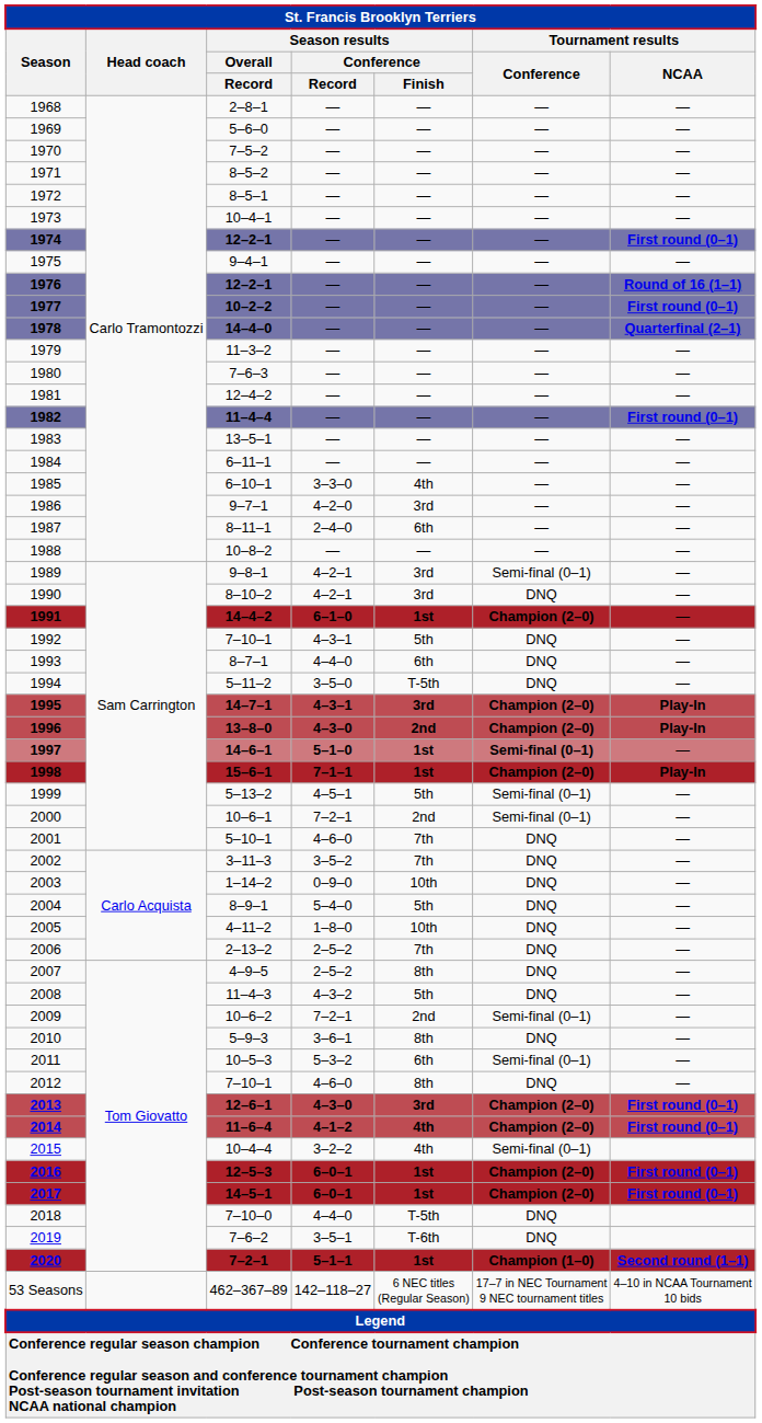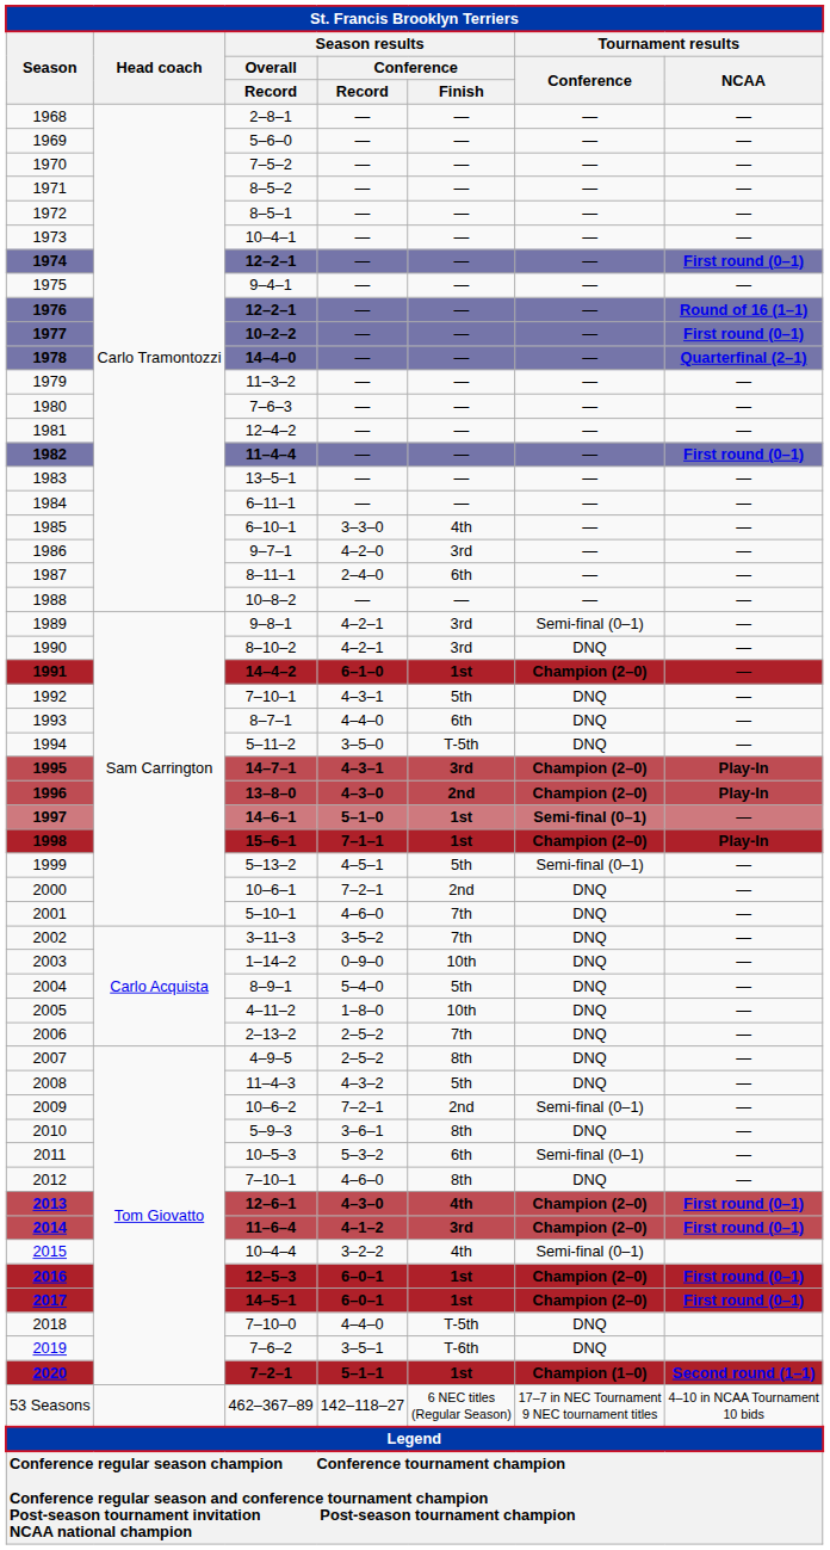 <table class="wikitable" style="font-size: 90%; text-align:center;">
 <tr>
 <td colspan=10 style="background:#0038A8; border: 2px solid #CE1126;;color:#FFFFFF;"><strong>St. Francis Brooklyn Terriers</strong></td>
 </tr>
 <tr>
 <th rowspan=3>Season</th>
 <th rowspan=3>Head coach</th>
 <th colspan=3>Season results</th>
 <th colspan=2>Tournament results</th>
 </tr>
 <tr>
 <th colspan=1>Overall</th>
 <th colspan=2>Conference</th>
 <th rowspan=2>Conference</th>
 <th rowspan=2>NCAA</th>
 </tr>
 <tr>
 <th>Record</th>
 <th>Record</th>
 <th>Finish</th>
 </tr>
 <tr>
 <td>1968</td>
 <td rowspan=21>Carlo Tramontozzi</td>
 <td>2–8–1</td>
 <td>—</td>
 <td>—</td>
 <td>—</td>
 <td>—</td>
 </tr>
 <tr>
 <td>1969</td>
 <td>5–6–0</td>
 <td>—</td>
 <td>—</td>
 <td>—</td>
 <td>—</td>
 </tr>
 <tr>
 <td>1970</td>
 <td>7–5–2</td>
 <td>—</td>
 <td>—</td>
 <td>—</td>
 <td>—</td>
 </tr>
 <tr>
 <td>1971</td>
 <td>8–5–2</td>
 <td>—</td>
 <td>—</td>
 <td>—</td>
 <td>—</td>
 </tr>
 <tr>
 <td>1972</td>
 <td>8–5–1</td>
 <td>—</td>
 <td>—</td>
 <td>—</td>
 <td>—</td>
 </tr>
 <tr>
 <td>1973</td>
 <td>10–4–1</td>
 <td>—</td>
 <td>—</td>
 <td>—</td>
 <td>—</td>
 </tr>
 <tr>
 <td bgcolor="#7575a9"><span><strong>1974</strong></span></td>
 <td bgcolor="#7575a9"><span><strong>12–2–1</strong></span></td>
 <td bgcolor="#7575a9"><span>—</span></td>
 <td bgcolor="#7575a9"><span>—</span></td>
 <td bgcolor="#7575a9"><span>—</span></td>
 <td bgcolor="#7575a9"><strong><a href='#'><span>First round (0–1)</span></a></strong></td>
 </tr>
 <tr>
 <td>1975</td>
 <td>9–4–1</td>
 <td>—</td>
 <td>—</td>
 <td>—</td>
 <td>—</td>
 </tr>
 <tr>
 <td bgcolor="#7575a9"><span><strong>1976</strong></span></td>
 <td bgcolor="#7575a9"><span><strong>12–2–1</strong></span></td>
 <td bgcolor="#7575a9"><span>—</span></td>
 <td bgcolor="#7575a9"><span>—</span></td>
 <td bgcolor="#7575a9"><span>—</span></td>
 <td bgcolor="#7575a9"><strong><a href='#'><span>Round of 16 (1–1)</span></a></strong></td>
 </tr>
 <tr>
 <td bgcolor="#7575a9"><span><strong>1977</strong></span></td>
 <td bgcolor="#7575a9"><span><strong>10–2–2</strong></span></td>
 <td bgcolor="#7575a9"><span>—</span></td>
 <td bgcolor="#7575a9"><span>—</span></td>
 <td bgcolor="#7575a9"><span>—</span></td>
 <td bgcolor="#7575a9"><strong><a href='#'><span>First round (0–1)</span></a></strong></td>
 </tr>
 <tr>
 <td bgcolor="#7575a9"><span><strong>1978</strong></span></td>
 <td bgcolor="#7575a9"><span><strong>14–4–0</strong></span></td>
 <td bgcolor="#7575a9"><span>—</span></td>
 <td bgcolor="#7575a9"><span>—</span></td>
 <td bgcolor="#7575a9"><span>—</span></td>
 <td bgcolor="#7575a9"><strong><a href='#'><span>Quarterfinal (2–1)</span></a></strong></td>
 </tr>
 <tr>
 <td>1979</td>
 <td>11–3–2</td>
 <td>—</td>
 <td>—</td>
 <td>—</td>
 <td>—</td>
 </tr>
 <tr>
 <td>1980</td>
 <td>7–6–3</td>
 <td>—</td>
 <td>—</td>
 <td>—</td>
 <td>—</td>
 </tr>
 <tr>
 <td>1981</td>
 <td>12–4–2</td>
 <td>—</td>
 <td>—</td>
 <td>—</td>
 <td>—</td>
 </tr>
 <tr>
 <td bgcolor="#7575a9"><span><strong>1982</strong></span></td>
 <td bgcolor="#7575a9"><span><strong>11–4–4</strong></span></td>
 <td bgcolor="#7575a9"><span>—</span></td>
 <td bgcolor="#7575a9"><span>—</span></td>
 <td bgcolor="#7575a9"><span>—</span></td>
 <td bgcolor="#7575a9"><strong><a href='#'><span>First round (0–1)</span></a></strong></td>
 </tr>
 <tr>
 <td>1983</td>
 <td>13–5–1</td>
 <td>—</td>
 <td>—</td>
 <td>—</td>
 <td>—</td>
 </tr>
 <tr>
 <td>1984</td>
 <td>6–11–1</td>
 <td>—</td>
 <td>—</td>
 <td>—</td>
 <td>—</td>
 </tr>
 <tr>
 <td>1985</td>
 <td>6–10–1</td>
 <td>3–3–0</td>
 <td>4th</td>
 <td>—</td>
 <td>—</td>
 </tr>
 <tr>
 <td>1986</td>
 <td>9–7–1</td>
 <td>4–2–0</td>
 <td>3rd</td>
 <td>—</td>
 <td>—</td>
 </tr>
 <tr>
 <td>1987</td>
 <td>8–11–1</td>
 <td>2–4–0</td>
 <td>6th</td>
 <td>—</td>
 <td>—</td>
 </tr>
 <tr>
 <td>1988</td>
 <td>10–8–2</td>
 <td>—</td>
 <td>—</td>
 <td>—</td>
 <td>—</td>
 </tr>
 <tr>
 <td>1989</td>
 <td rowspan=13>Sam Carrington</td>
 <td>9–8–1</td>
 <td>4–2–1</td>
 <td>3rd</td>
 <td>Semi-final (0–1)</td>
 <td>—</td>
 </tr>
 <tr>
 <td>1990</td>
 <td>8–10–2</td>
 <td>4–2–1</td>
 <td>3rd</td>
 <td>DNQ</td>
 <td>—</td>
 </tr>
 <tr>
 <td bgcolor="#ae2029"><span><strong>1991</strong></span></td>
 <td bgcolor="#ae2029"><span><strong>14–4–2</strong></span></td>
 <td bgcolor="#ae2029"><span><strong>6–1–0</strong></span></td>
 <td bgcolor="#ae2029"><span><strong>1st</strong></span></td>
 <td bgcolor="#ae2029"><span><strong>Champion (2–0)</strong></span></td>
 <td bgcolor="#ae2029"><span>—</span></td>
 </tr>
 <tr>
 <td>1992</td>
 <td>7–10–1</td>
 <td>4–3–1</td>
 <td>5th</td>
 <td>DNQ</td>
 <td>—</td>
 </tr>
 <tr>
 <td>1993</td>
 <td>8–7–1</td>
 <td>4–4–0</td>
 <td>6th</td>
 <td>DNQ</td>
 <td>—</td>
 </tr>
 <tr>
 <td>1994</td>
 <td>5–11–2</td>
 <td>3–5–0</td>
 <td>T-5th</td>
 <td>DNQ</td>
 <td>—</td>
 </tr>
 <tr>
 <td bgcolor="#be4c53"><span><strong>1995</strong></span></td>
 <td bgcolor="#be4c53"><span><strong>14–7–1</strong></span></td>
 <td bgcolor="#be4c53"><span><strong>4–3–1</strong></span></td>
 <td bgcolor="#be4c53"><span><strong>3rd</strong></span></td>
 <td bgcolor="#be4c53"><span><strong>Champion (2–0)</strong></span></td>
 <td bgcolor="#be4c53"><span><strong>Play-In</strong></span></td>
 </tr>
 <tr>
 <td bgcolor="#be4c53"><span><strong>1996</strong></span></td>
 <td bgcolor="#be4c53"><span><strong>13–8–0</strong></span></td>
 <td bgcolor="#be4c53"><span><strong>4–3–0</strong></span></td>
 <td bgcolor="#be4c53"><span><strong>2nd</strong></span></td>
 <td bgcolor="#be4c53"><span><strong>Champion (2–0)</strong></span></td>
 <td bgcolor="#be4c53"><span><strong>Play-In</strong></span></td>
 </tr>
 <tr>
 <td bgcolor="#ce797e"><strong>1997</strong></td>
 <td bgcolor="#ce797e"><strong>14–6–1</strong></td>
 <td bgcolor="#ce797e"><strong>5–1–0</strong></td>
 <td bgcolor="#ce797e"><strong>1st</strong></td>
 <td bgcolor="#ce797e"><strong>Semi-final (0–1)</strong></td>
 <td bgcolor="#ce797e">—</td>
 </tr>
 <tr>
 <td bgcolor="#ae2029"><span><strong>1998</strong></span></td>
 <td bgcolor="#ae2029"><span><strong>15–6–1</strong></span></td>
 <td bgcolor="#ae2029"><span><strong>7–1–1</strong></span></td>
 <td bgcolor="#ae2029"><span><strong>1st</strong></span></td>
 <td bgcolor="#ae2029"><span><strong>Champion (2–0)</strong></span></td>
 <td bgcolor="#ae2029"><span><strong>Play-In</strong></span></td>
 </tr>
 <tr>
 <td>1999</td>
 <td>5–13–2</td>
 <td>4–5–1</td>
 <td>5th</td>
 <td>Semi-final (0–1)</td>
 <td>—</td>
 </tr>
 <tr>
 <td>2000</td>
 <td>10–6–1</td>
 <td>7–2–1</td>
 <td>2nd</td>
-<td>Semi-final (0–1)</td>
+<td>DNQ</td>
 <td>—</td>
 </tr>
 <tr>
 <td>2001</td>
 <td>5–10–1</td>
 <td>4–6–0</td>
 <td>7th</td>
 <td>DNQ</td>
 <td>—</td>
 </tr>
 <tr>
 <td>2002</td>
 <td rowspan=5><a href='#'>Carlo Acquista</a></td>
 <td>3–11–3</td>
 <td>3–5–2</td>
 <td>7th</td>
 <td>DNQ</td>
 <td>—</td>
 </tr>
 <tr>
 <td>2003</td>
 <td>1–14–2</td>
 <td>0–9–0</td>
 <td>10th</td>
 <td>DNQ</td>
 <td>—</td>
 </tr>
 <tr>
 <td>2004</td>
 <td>8–9–1</td>
 <td>5–4–0</td>
 <td>5th</td>
 <td>DNQ</td>
 <td>—</td>
 </tr>
 <tr>
 <td>2005</td>
 <td>4–11–2</td>
 <td>1–8–0</td>
 <td>10th</td>
 <td>DNQ</td>
 <td>—</td>
 </tr>
 <tr>
 <td>2006</td>
 <td>2–13–2</td>
 <td>2–5–2</td>
 <td>7th</td>
 <td>DNQ</td>
 <td>—</td>
 </tr>
 <tr>
 <td>2007</td>
 <td rowspan=14><a href='#'>Tom Giovatto</a></td>
 <td>4–9–5</td>
 <td>2–5–2</td>
 <td>8th</td>
 <td>DNQ</td>
 <td>—</td>
 </tr>
 <tr>
 <td>2008</td>
 <td>11–4–3</td>
 <td>4–3–2</td>
 <td>5th</td>
 <td>DNQ</td>
 <td>—</td>
 </tr>
 <tr>
 <td>2009</td>
 <td>10–6–2</td>
 <td>7–2–1</td>
 <td>2nd</td>
 <td>Semi-final (0–1)</td>
 <td>—</td>
 </tr>
 <tr>
 <td>2010</td>
 <td>5–9–3</td>
 <td>3–6–1</td>
 <td>8th</td>
 <td>DNQ</td>
 <td>—</td>
 </tr>
 <tr>
 <td>2011</td>
 <td>10–5–3</td>
 <td>5–3–2</td>
 <td>6th</td>
 <td>Semi-final (0–1)</td>
 <td>—</td>
 </tr>
 <tr>
 <td>2012</td>
 <td>7–10–1</td>
 <td>4–6–0</td>
 <td>8th</td>
 <td>DNQ</td>
 <td>—</td>
 </tr>
 <tr>
 <td bgcolor="#be4c53"><strong><a href='#'><span>2013</span></a></strong></td>
 <td bgcolor="#be4c53"><span><strong>12–6–1</strong></span></td>
 <td bgcolor="#be4c53"><span><strong>4–3–0</strong></span></td>
-<td bgcolor="#be4c53"><span><strong>3rd</strong></span></td>
+<td bgcolor="#be4c53"><span><strong>4th</strong></span></td>
 <td bgcolor="#be4c53"><span><strong>Champion (2–0)</strong></span></td>
 <td bgcolor="#be4c53"><strong><a href='#'><span>First round (0–1)</span></a></strong></td>
 </tr>
 <tr>
 <td bgcolor="#be4c53"><strong><a href='#'><span>2014</span></a></strong></td>
 <td bgcolor="#be4c53"><span><strong>11–6–4</strong></span></td>
 <td bgcolor="#be4c53"><span><strong>4–1–2</strong></span></td>
-<td bgcolor="#be4c53"><span><strong>4th</strong></span></td>
+<td bgcolor="#be4c53"><span><strong>3rd</strong></span></td>
 <td bgcolor="#be4c53"><span><strong>Champion (2–0)</strong></span></td>
 <td bgcolor="#be4c53"><strong><a href='#'><span>First round (0–1)</span></a></strong></td>
 </tr>
 <tr>
 <td><a href='#'>2015</a></td>
 <td>10–4–4</td>
 <td>3–2–2</td>
 <td>4th</td>
 <td>Semi-final (0–1)</td>
 <td></td>
 </tr>
 <tr>
 <td bgcolor="#ae2029"><strong><a href='#'><span>2016</span></a></strong></td>
 <td bgcolor="#ae2029"><span><strong>12–5–3</strong></span></td>
 <td bgcolor="#ae2029"><span><strong>6–0–1</strong></span></td>
 <td bgcolor="#ae2029"><span><strong>1st</strong></span></td>
 <td bgcolor="#ae2029"><span><strong>Champion (2–0)</strong></span></td>
 <td bgcolor="#ae2029"><strong><a href='#'><span>First round (0–1)</span></a></strong></td>
 </tr>
 <tr>
 <td bgcolor="#ae2029"><strong><a href='#'><span>2017</span></a></strong></td>
 <td bgcolor="#ae2029"><span><strong>14–5–1</strong></span></td>
 <td bgcolor="#ae2029"><span><strong>6–0–1</strong></span></td>
 <td bgcolor="#ae2029"><span><strong>1st</strong></span></td>
 <td bgcolor="#ae2029"><span><strong>Champion (2–0)</strong></span></td>
 <td bgcolor="#ae2029"><strong><a href='#'><span>First round (0–1)</span></a></strong></td>
 </tr>
 <tr>
 <td>2018</td>
 <td>7–10–0</td>
 <td>4–4–0</td>
 <td>T-5th</td>
 <td>DNQ</td>
 <td></td>
 </tr>
 <tr>
 <td><a href='#'>2019</a></td>
 <td>7–6–2</td>
 <td>3–5–1</td>
 <td>T-6th</td>
 <td>DNQ</td>
 <td></td>
 </tr>
 <tr>
 <td bgcolor="#ae2029"><strong><a href='#'><span>2020</span></a></strong></td>
 <td bgcolor="#ae2029"><span><strong>7–2–1</strong></span></td>
 <td bgcolor="#ae2029"><span><strong>5–1–1</strong></span></td>
 <td bgcolor="#ae2029"><span><strong>1st</strong></span></td>
 <td bgcolor="#ae2029"><span><strong>Champion (1–0)</strong></span></td>
 <td bgcolor="#ae2029"><strong><a href='#'><span>Second round (1–1)</span></a></strong></td>
 </tr>
 <tr>
 <td>53 Seasons</td>
 <td> </td>
 <td>462–367–89</td>
 <td>142–118–27</td>
 <td><small> 6 NEC titles<br>(Regular Season)</small></td>
 <td><small> 17–7 in NEC Tournament<br>9 NEC tournament titles</small></td>
 <td><small> 4–10 in NCAA Tournament<br> 10 bids</small></td>
 </tr>
 <tr>
 <th colspan=8 style="background:#0038A8; border: 2px solid #CE1126;;color:#FFFFFF;"><strong>Legend</strong></th>
 </tr>
 <tr>
 <th colspan=8 style="text-align:left;"> Conference regular season champion         Conference tournament champion<br><br> Conference regular season and conference tournament champion<br>  Post-season tournament invitation              Post-season tournament champion<br>   NCAA national champion</th>
 </tr>
 </table>
